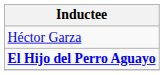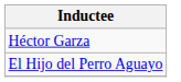 <table class="wikitable">
 <tr>
 <th>Inductee</th>
 </tr>
 <tr>
 <td><a href='#'>Héctor Garza</a></td>
 </tr>
 <tr>
-<td><strong><a href='#'>El Hijo del Perro Aguayo</a></strong></td>
+<td><a href='#'>El Hijo del Perro Aguayo</a></td>
 </tr>
 <tr>
 </tr>
 </table>
